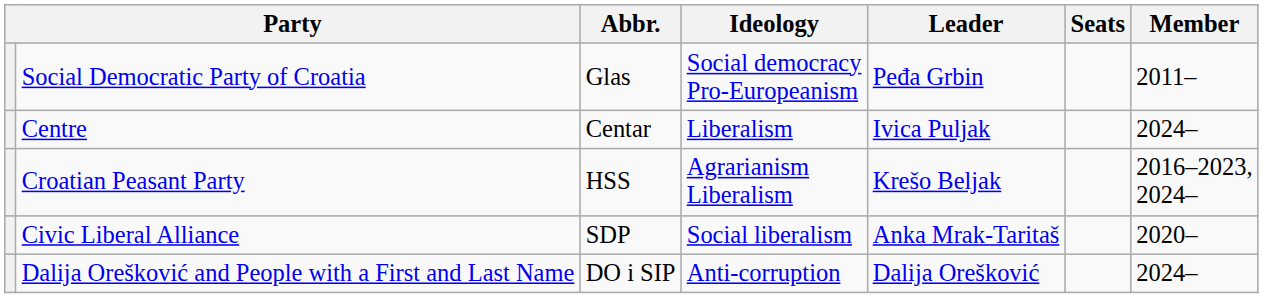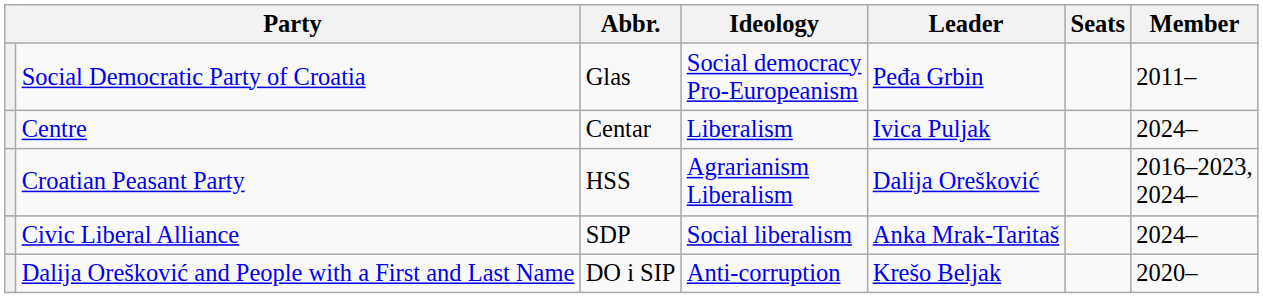 <table class="wikitable" style="text-align:left;">
 <tr>
 <th colspan=2>Party</th>
 <th>Abbr.</th>
 <th>Ideology</th>
 <th>Leader</th>
 <th>Seats</th>
 <th>Member</th>
 </tr>
 <tr>
 <th style="background-color:"></th>
 <td><a href='#'>Social Democratic Party of Croatia</a></td>
 <td>Glas</td>
 <td><a href='#'>Social democracy</a><br><a href='#'>Pro-Europeanism</a></td>
 <td><a href='#'>Peđa Grbin</a></td>
 <td></td>
 <td>2011–</td>
 </tr>
 <tr>
 <th style="background-color:"></th>
 <td><a href='#'>Centre</a><br></td>
 <td>Centar</td>
 <td><a href='#'>Liberalism</a></td>
 <td><a href='#'>Ivica Puljak</a></td>
 <td></td>
 <td>2024–</td>
 </tr>
 <tr>
 <th style="background-color:"></th>
 <td><a href='#'>Croatian Peasant Party</a></td>
 <td>HSS</td>
 <td><a href='#'>Agrarianism</a><br><a href='#'>Liberalism</a></td>
-<td><a href='#'>Krešo Beljak</a></td>
+<td><a href='#'>Dalija Orešković</a></td>
 <td></td>
 <td>2016–2023,<br>2024–</td>
 </tr>
 <tr>
 <th style="background-color:"></th>
 <td><a href='#'>Civic Liberal Alliance</a></td>
 <td>SDP</td>
 <td><a href='#'>Social liberalism</a></td>
 <td><a href='#'>Anka Mrak-Taritaš</a></td>
 <td></td>
-<td>2020–</td>
+<td>2024–</td>
 </tr>
 <tr>
 <th style="background-color:"></th>
 <td><a href='#'>Dalija Orešković and People with a First and Last Name</a><br></td>
 <td>DO i SIP</td>
 <td><a href='#'>Anti-corruption</a></td>
-<td><a href='#'>Dalija Orešković</a></td>
+<td><a href='#'>Krešo Beljak</a></td>
 <td></td>
-<td>2024–</td>
+<td>2020–</td>
 </tr>
 </table>
